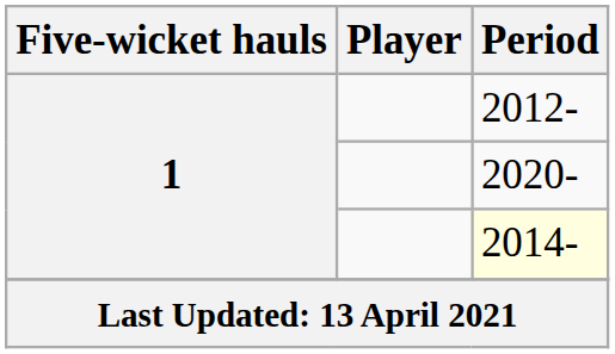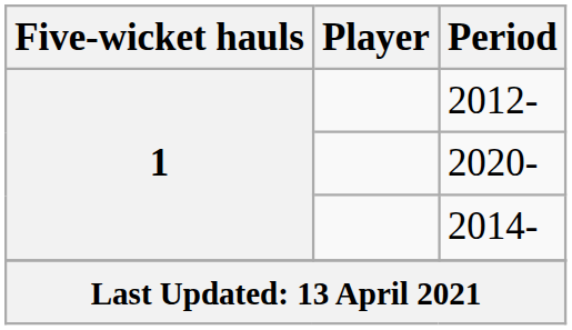 <table class="wikitable sortable" style="text-align:left;font-size:96%;">
 <tr>
 <th>Five-wicket hauls</th>
 <th>Player</th>
 <th>Period</th>
 </tr>
 <tr>
 <th scope=row style=text-align:center; rowspan=3>1</th>
 <td></td>
 <td>2012-</td>
 </tr>
 <tr>
 <td></td>
 <td>2020-</td>
 </tr>
 <tr>
 <td></td>
-<td style="background: lightyellow;">2014-</td>
+<td>2014-</td>
 </tr>
 <tr>
 </tr>
 <tr class=sortbottom>
 <th colspan=7><small>Last Updated: 13 April 2021</small></th>
 </tr>
 </table>
